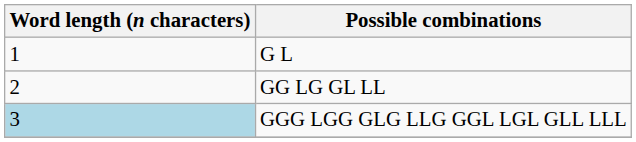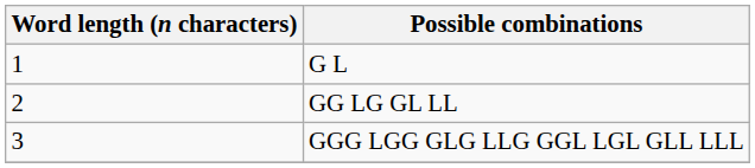 <table class="wikitable">
 <tr>
 <th>Word length (<em>n</em> characters)</th>
 <th>Possible combinations</th>
 </tr>
 <tr>
 <td>1</td>
 <td>G L</td>
 </tr>
 <tr>
 <td>2</td>
 <td>GG LG GL LL</td>
 </tr>
 <tr>
-<td style="background: lightblue;">3</td>
+<td>3</td>
 <td>GGG LGG GLG LLG GGL LGL GLL LLL</td>
 </tr>
 <tr>
 </tr>
 </table>
